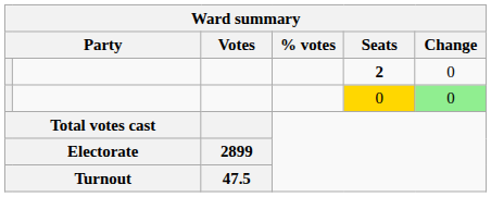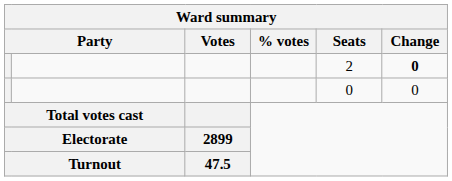 <table class="wikitable" style="font-size: 95%;">
 <tr>
 <th colspan="6">Ward summary</th>
 </tr>
 <tr>
 <th colspan="2">Party</th>
 <th style="width: 60px">Votes</th>
 <th style="width: 60px">% votes</th>
 <th style="width: 60px">Seats</th>
 <th style="width: 60px">Change</th>
 </tr>
 <tr>
 <th style="background-color: "></th>
 <td style="width: 170px"><a href='#'></a></td>
 <td align="center"></td>
 <td align="center"></td>
-<td align="center"><strong>2</strong></td>
-<td align="center">0</td>
+<td align="center">2</td>
+<td align="center"><strong>0</strong></td>
 </tr>
 <tr>
 <th style="background-color: "></th>
 <td style="width: 170px"><a href='#'></a></td>
 <td align="center"></td>
 <td align="center"></td>
-<td align="center" style="background: gold;">0</td>
-<td align="center" style="background: lightgreen;">0</td>
+<td align="center">0</td>
+<td align="center">0</td>
 </tr>
 <tr style="background-color:#E9E9E9">
 <th colspan="2">Total votes cast</th>
 <th style="width: 60px"></th>
 </tr>
 <tr style="background-color:#E9E9E9">
 <th colspan="2">Electorate</th>
 <th style="width: 60px">2899</th>
 </tr>
 <tr style="background-color:#E9E9E9">
 <th colspan="2">Turnout</th>
 <th style="width: 60px">47.5</th>
 </tr>
 </table>
